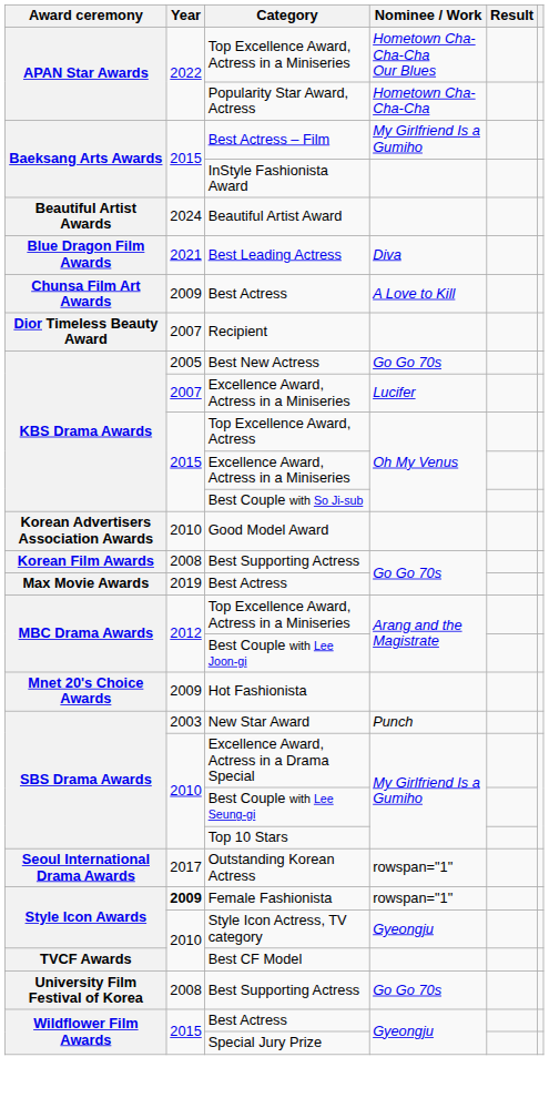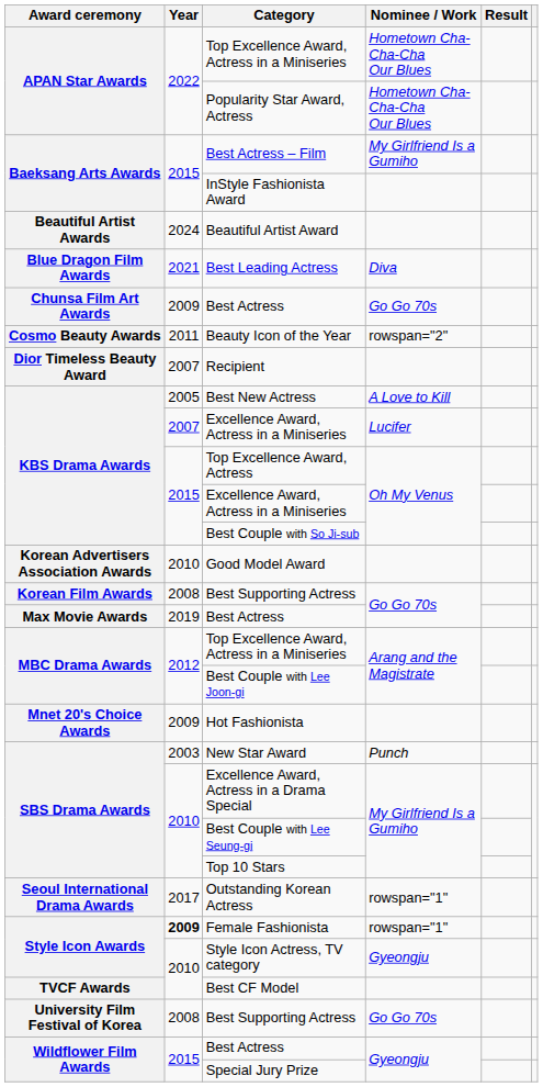 <table class="wikitable plainrowheaders sortable">
 <tr>
 <th scope="col">Award ceremony</th>
 <th scope="col">Year</th>
 <th scope="col">Category</th>
 <th scope="col">Nominee / Work</th>
 <th scope="col">Result</th>
 <th scope="col" class="unsortable"></th>
 </tr>
 <tr>
 <th scope="row"  rowspan="2"><a href='#'>APAN Star Awards</a></th>
 <td style="text-align:center" rowspan="2"><a href='#'>2022</a></td>
 <td>Top Excellence Award, Actress in a Miniseries</td>
 <td><em><a href='#'>Hometown Cha-Cha-Cha</a></em><br><em><a href='#'>Our Blues</a></em></td>
 <td></td>
 <td style="text-align:center;"></td>
 </tr>
 <tr>
 <td>Popularity Star Award, Actress</td>
-<td><em><a href='#'>Hometown Cha-Cha-Cha</a></em></td>
+<td><em><a href='#'>Hometown Cha-Cha-Cha</a></em><br><em><a href='#'>Our Blues</a></em></td>
 <td></td>
 <td style="text-align:center;"></td>
 </tr>
 <tr>
 <th scope="row" rowspan="2"><a href='#'>Baeksang Arts Awards</a></th>
 <td rowspan=2 style="text-align:center;"><a href='#'>2015</a></td>
 <td><a href='#'>Best Actress – Film</a></td>
 <td rowspan=1><em><a href='#'>My Girlfriend Is a Gumiho</a></em></td>
 <td></td>
 <td></td>
 </tr>
 <tr>
 <td>InStyle Fashionista Award</td>
 <td></td>
 <td></td>
 <td style="text-align:center;"></td>
 </tr>
 <tr>
 <th scope="row">Beautiful Artist Awards</th>
 <td style="text-align:center;">2024</td>
 <td>Beautiful Artist Award</td>
 <td></td>
 <td></td>
 <td style="text-align:center;"></td>
 </tr>
 <tr>
 <th scope="row" rowspan="1"><a href='#'>Blue Dragon Film Awards</a></th>
 <td style="text-align:center;"><a href='#'>2021</a></td>
 <td><a href='#'>Best Leading Actress</a></td>
 <td><em><a href='#'>Diva</a></em></td>
 <td></td>
 <td style="text-align:center;"></td>
 </tr>
 <tr>
 <th scope="row"><a href='#'>Chunsa Film Art Awards</a></th>
 <td style="text-align:center">2009</td>
 <td>Best Actress</td>
-<td><em><a href='#'>A Love to Kill</a></em></td>
+<td><em><a href='#'>Go Go 70s</a></em></td>
+<td></td>
+<td style="text-align:center;"></td>
+</tr>
+<tr>
+<th scope="row"><a href='#'>Cosmo</a> Beauty Awards</th>
+<td rowspan="1" style="text-align:center;">2011</td>
+<td>Beauty Icon of the Year</td>
+<td>rowspan="2" </td>
 <td></td>
 <td style="text-align:center;"></td>
 </tr>
 <tr>
 <th scope="row"><a href='#'>Dior</a> Timeless Beauty Award</th>
 <td style="text-align:center;">2007</td>
 <td>Recipient</td>
 <td></td>
 <td style="text-align:center;"></td>
 </tr>
 <tr>
 <th scope="row"  rowspan="5"><a href='#'>KBS Drama Awards</a></th>
 <td style="text-align:center;">2005</td>
 <td>Best New Actress</td>
-<td><em><a href='#'>Go Go 70s</a></em></td>
+<td><em><a href='#'>A Love to Kill</a></em></td>
 <td></td>
 <td></td>
 </tr>
 <tr>
 <td style="text-align:center;"><a href='#'>2007</a></td>
 <td>Excellence Award, Actress in a Miniseries</td>
 <td><em><a href='#'>Lucifer</a></em></td>
 <td></td>
 <td></td>
 </tr>
 <tr>
 <td style="text-align:center;" rowspan="3"><a href='#'>2015</a></td>
 <td>Top Excellence Award, Actress</td>
 <td rowspan="3"><em><a href='#'>Oh My Venus</a></em></td>
 <td></td>
 <td></td>
 </tr>
 <tr>
 <td>Excellence Award, Actress in a Miniseries</td>
 <td></td>
 <td style="text-align:center;"></td>
 </tr>
 <tr>
 <td>Best Couple <small>with <a href='#'>So Ji-sub</a></small></td>
 <td></td>
 <td style="text-align:center;"></td>
 </tr>
 <tr>
 <th scope="row">Korean Advertisers Association Awards</th>
 <td style="text-align:center;">2010</td>
 <td>Good Model Award</td>
 <td></td>
 <td></td>
 <td style="text-align:center;"></td>
 </tr>
 <tr>
 <th scope="row"><a href='#'>Korean Film Awards</a></th>
 <td style="text-align:center;">2008</td>
 <td rowspan="1">Best Supporting Actress</td>
 <td rowspan=2><em><a href='#'>Go Go 70s</a></em></td>
 <td></td>
 <td></td>
 </tr>
 <tr>
 <th scope="row">Max Movie Awards</th>
 <td style="text-align:center;">2019</td>
 <td rowspan="1">Best Actress</td>
 <td></td>
 <td style="text-align:center;"></td>
 </tr>
 <tr>
 <th scope="row"  rowspan="2"><a href='#'>MBC Drama Awards</a></th>
 <td rowspan="2" style="text-align:center;"><a href='#'>2012</a></td>
 <td>Top Excellence Award, Actress in a Miniseries</td>
 <td rowspan="2"><em><a href='#'>Arang and the Magistrate</a></em></td>
 <td></td>
 <td></td>
 </tr>
 <tr>
 <td>Best Couple <small>with <a href='#'>Lee Joon-gi</a></small></td>
 <td></td>
 <td style="text-align:center;"></td>
 </tr>
 <tr>
 <th scope="row"><a href='#'>Mnet 20's Choice Awards</a></th>
 <td style="text-align:center">2009</td>
 <td>Hot Fashionista</td>
 <td></td>
 <td></td>
 <td style="text-align:center;"></td>
 </tr>
 <tr>
 <th scope="row"  rowspan="4"><a href='#'>SBS Drama Awards</a></th>
 <td style="text-align:center;">2003</td>
 <td>New Star Award</td>
 <td><em>Punch</em></td>
 <td></td>
 <td style="text-align:center;"></td>
 </tr>
 <tr>
 <td rowspan="3" style="text-align:center;"><a href='#'>2010</a></td>
 <td>Excellence Award, Actress in a Drama Special</td>
 <td rowspan=3><em><a href='#'>My Girlfriend Is a Gumiho</a></em></td>
 <td></td>
 <td rowspan="3" style="text-align:center;"></td>
 </tr>
 <tr>
 <td>Best Couple <small>with <a href='#'>Lee Seung-gi</a></small></td>
 <td></td>
 </tr>
 <tr>
 <td>Top 10 Stars</td>
 <td></td>
 </tr>
 <tr>
 <th scope="row"  rowspan="1"><a href='#'>Seoul International Drama Awards</a></th>
 <td style="text-align:center;">2017</td>
 <td>Outstanding Korean Actress</td>
 <td>rowspan="1"  </td>
 <td></td>
 <td style="text-align:center;"></td>
 </tr>
 <tr>
 <th scope="row"  rowspan="2"><a href='#'>Style Icon Awards</a></th>
 <td style="text-align:center;"><strong>2009</strong></td>
 <td>Female Fashionista</td>
 <td>rowspan="1"  </td>
 <td></td>
 <td style="text-align:center;"></td>
 </tr>
 <tr>
 <td rowspan="2" style="text-align:center;">2010</td>
 <td>Style Icon Actress, TV category</td>
 <td><em><a href='#'>Gyeongju</a></em></td>
 <td></td>
 <td style="text-align:center;"></td>
 </tr>
 <tr>
 <th scope="row">TVCF Awards</th>
 <td>Best CF Model</td>
 <td></td>
 <td></td>
 <td style="text-align:center;"></td>
 </tr>
 <tr>
 <th scope="row">University Film Festival of Korea</th>
 <td rowspan="1" style="text-align:center;">2008</td>
 <td rowspan="1">Best Supporting Actress</td>
 <td rowspan=1><em><a href='#'>Go Go 70s</a></em></td>
 <td></td>
 <td style="text-align:center;"></td>
 </tr>
 <tr>
 <th scope="row"  rowspan="2"><a href='#'>Wildflower Film Awards</a></th>
 <td rowspan="2" style="text-align:center;"><a href='#'>2015</a></td>
 <td>Best Actress</td>
 <td rowspan="2"><em><a href='#'>Gyeongju</a></em></td>
 <td></td>
 <td></td>
 </tr>
 <tr>
 <td>Special Jury Prize</td>
 <td></td>
 <td style="text-align:center;"></td>
 </tr>
 </table>
